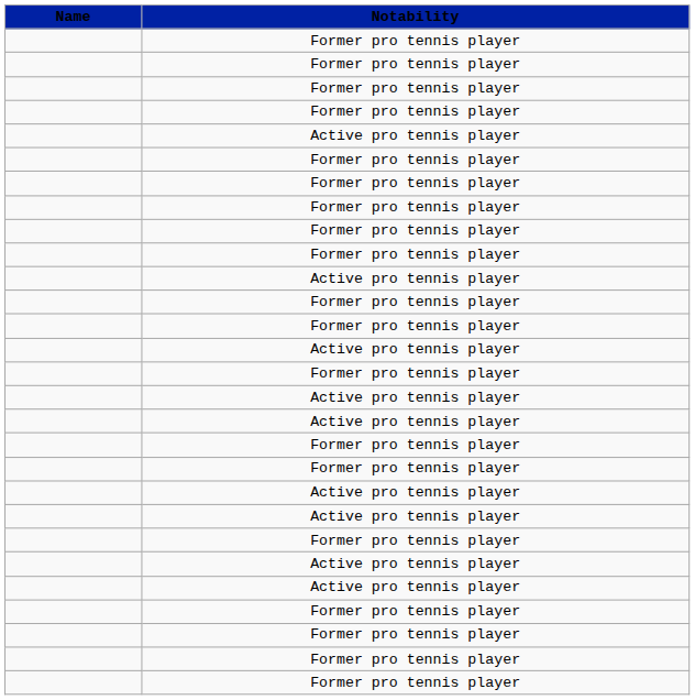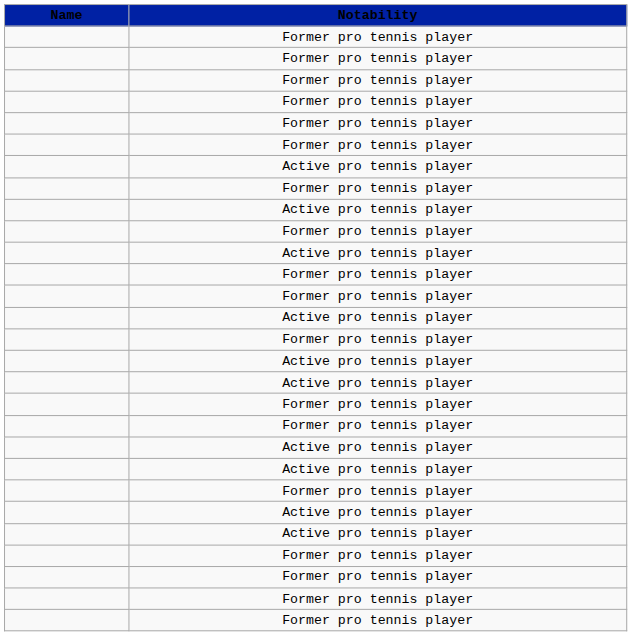 <table class="wikitable">
 <tr>
 <th width=140 style="background:#0021A4;"><span> Name</span></th>
 <th width=600 style="background:#0021A4;"><span> Notability</span></th>
+</tr>
+<tr>
+<td align="center"></td>
+<td align="center">Former pro tennis player</td>
+</tr>
+<tr>
+<td align="center"></td>
+<td align="center">Former pro tennis player</td>
 </tr>
 <tr>
 <td align="center"></td>
 <td align="center">Former pro tennis player</td>
 </tr>
 <tr>
 <td align="center"></td>
 <td align="center">Former pro tennis player</td>
 </tr>
 <tr>
 <td align="center"></td>
 <td align="center">Former pro tennis player</td>
 </tr>
 <tr>
 <td align="center"></td>
 <td align="center">Former pro tennis player</td>
 </tr>
 <tr>
 <td align="center"></td>
 <td align="center">Active pro tennis player</td>
 </tr>
 <tr>
 <td align="center"></td>
 <td align="center">Former pro tennis player</td>
 </tr>
 <tr>
 <td align="center"></td>
-<td align="center">Former pro tennis player</td>
-</tr>
-<tr>
-<td align="center"></td>
-<td align="center">Former pro tennis player</td>
-</tr>
-<tr>
-<td align="center"></td>
-<td align="center">Former pro tennis player</td>
+<td align="center">Active pro tennis player</td>
 </tr>
 <tr>
 <td align="center"></td>
 <td align="center">Former pro tennis player</td>
 </tr>
 <tr>
 <td align="center"></td>
 <td align="center">Active pro tennis player</td>
 </tr>
 <tr>
 <td align="center"></td>
 <td align="center">Former pro tennis player</td>
 </tr>
 <tr>
 <td align="center"></td>
 <td align="center">Former pro tennis player</td>
 </tr>
 <tr>
 <td align="center"></td>
 <td align="center">Active pro tennis player</td>
 </tr>
 <tr>
 <td align="center"></td>
 <td align="center">Former pro tennis player</td>
 </tr>
 <tr>
 <td align="center"></td>
 <td align="center">Active pro tennis player</td>
 </tr>
 <tr>
 <td align="center"></td>
 <td align="center">Active pro tennis player</td>
 </tr>
 <tr>
 <td align="center"></td>
 <td align="center">Former pro tennis player</td>
 </tr>
 <tr>
 <td align="center"></td>
 <td align="center">Former pro tennis player</td>
 </tr>
 <tr>
 <td align="center"></td>
 <td align="center">Active pro tennis player</td>
 </tr>
 <tr>
 <td align="center"></td>
 <td align="center">Active pro tennis player</td>
 </tr>
 <tr>
 <td align="center"></td>
 <td align="center">Former pro tennis player</td>
 </tr>
 <tr>
 <td align="center"></td>
 <td align="center">Active pro tennis player</td>
 </tr>
 <tr>
 <td align="center"></td>
 <td align="center">Active pro tennis player</td>
 </tr>
 <tr>
 <td align="center"></td>
 <td align="center">Former pro tennis player</td>
 </tr>
 <tr>
 <td align="center"></td>
 <td align="center">Former pro tennis player</td>
 </tr>
 <tr>
 <td align="center"></td>
 <td align="center">Former pro tennis player</td>
 </tr>
 <tr>
 <td align="center"></td>
 <td align="center">Former pro tennis player</td>
 </tr>
 </table>
